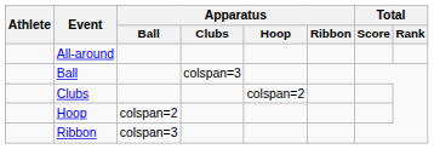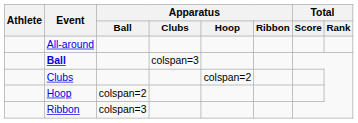 <table class=wikitable style=font-size:90%;text-align:center>
 <tr>
 <th rowspan=2>Athlete</th>
 <th rowspan=2>Event</th>
 <th colspan=4>Apparatus</th>
 <th colspan=2>Total</th>
 </tr>
 <tr style=font-size:95%>
 <th>Ball</th>
 <th>Clubs</th>
 <th>Hoop</th>
 <th>Ribbon</th>
 <th>Score</th>
 <th>Rank</th>
 </tr>
 <tr>
 <td align=left></td>
 <td align=left><a href='#'>All-around</a></td>
 <td></td>
 <td></td>
 <td></td>
 <td></td>
 <td></td>
 <td></td>
 </tr>
 <tr>
 <td align=left></td>
-<td align=left><a href='#'>Ball</a></td>
+<td align=left><strong><a href='#'>Ball</a></strong></td>
 <td></td>
 <td>colspan=3  </td>
 <td></td>
 <td></td>
 </tr>
 <tr>
 <td align=left></td>
 <td align=left><a href='#'>Clubs</a></td>
 <td></td>
 <td></td>
 <td>colspan=2 </td>
 <td></td>
 <td></td>
 </tr>
 <tr>
 <td align=left></td>
 <td align=left><a href='#'>Hoop</a></td>
 <td>colspan=2  </td>
 <td></td>
 <td></td>
 <td></td>
 <td></td>
 </tr>
 <tr>
 <td align=left></td>
 <td align=left><a href='#'>Ribbon</a></td>
 <td>colspan=3 </td>
 <td></td>
 <td></td>
 <td></td>
 </tr>
 </table>
